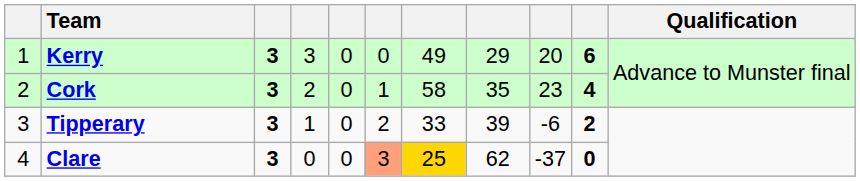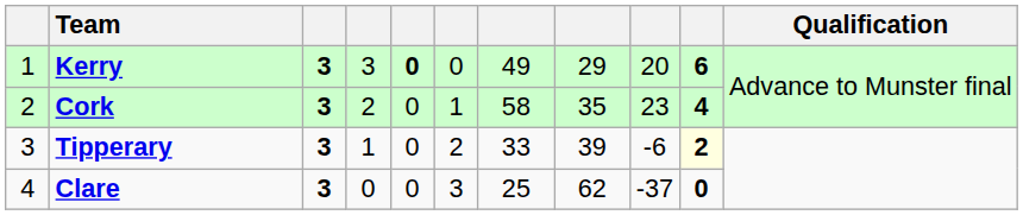 <table class="wikitable" style="text-align:center">
 <tr>
 <th width=20></th>
 <th width=150 style="text-align:left;">Team</th>
 <th width=20></th>
 <th width=20></th>
 <th width=20></th>
 <th width=20></th>
 <th width=40></th>
 <th width=40></th>
 <th width=20></th>
 <th width=20></th>
 <th>Qualification</th>
 </tr>
 <tr style="background:#ccffcc">
 <td>1</td>
 <td align=left><strong> <a href='#'>Kerry</a> </strong></td>
 <td><strong>3</strong></td>
 <td>3</td>
-<td>0</td>
+<td><strong>0</strong></td>
 <td>0</td>
 <td>49</td>
 <td>29</td>
 <td>20</td>
 <td><strong>6</strong></td>
 <td rowspan=2>Advance to Munster final</td>
 </tr>
 <tr style="background:#ccffcc">
 <td>2</td>
 <td align=left><strong> <a href='#'>Cork</a> </strong></td>
 <td><strong>3</strong></td>
 <td>2</td>
 <td>0</td>
 <td>1</td>
 <td>58</td>
 <td>35</td>
 <td>23</td>
 <td><strong>4</strong></td>
 </tr>
 <tr>
 <td>3</td>
 <td align=left><strong> <a href='#'>Tipperary</a> </strong></td>
 <td><strong>3</strong></td>
 <td>1</td>
 <td>0</td>
 <td>2</td>
 <td>33</td>
 <td>39</td>
 <td>-6</td>
-<td><strong>2</strong></td>
+<td style="background: lightyellow;"><strong>2</strong></td>
 <td rowspan="2"></td>
 </tr>
 <tr>
 <td>4</td>
 <td align=left><strong> <a href='#'>Clare</a> </strong></td>
 <td><strong>3</strong></td>
 <td>0</td>
 <td>0</td>
-<td style="background: lightsalmon;">3</td>
-<td style="background: gold;">25</td>
+<td>3</td>
+<td>25</td>
 <td>62</td>
 <td>-37</td>
 <td><strong>0</strong></td>
 </tr>
 </table>
